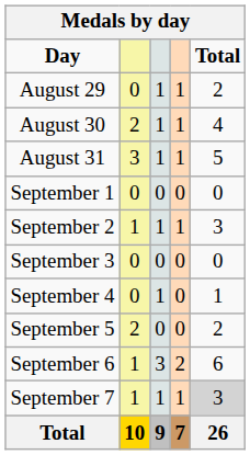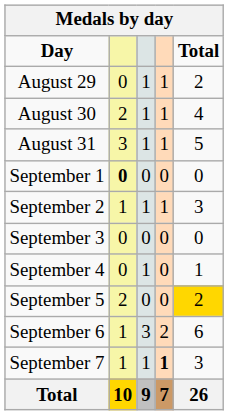 <table class="wikitable" style="font-size:85%; float:right">
 <tr align=center>
 <th colspan=7><strong>Medals by day</strong></th>
 </tr>
 <tr align=center>
 <td><strong>Day</strong></td>
 <td style="background:#f7f6a8;"></td>
 <td style="background:#dce5e5;"></td>
 <td style="background:#ffdab9;"></td>
 <td><strong>Total</strong></td>
 </tr>
 <tr align=center>
 <td>August 29</td>
 <td style="background:#f7f6a8;">0</td>
 <td style="background:#dce5e5;">1</td>
 <td style="background:#ffdab9;">1</td>
 <td>2</td>
 </tr>
 <tr align=center>
 <td>August 30</td>
 <td style="background:#f7f6a8;">2</td>
 <td style="background:#dce5e5;">1</td>
 <td style="background:#ffdab9;">1</td>
 <td>4</td>
 </tr>
 <tr align=center>
 <td>August 31</td>
 <td style="background:#f7f6a8;">3</td>
 <td style="background:#dce5e5;">1</td>
 <td style="background:#ffdab9;">1</td>
 <td>5</td>
 </tr>
 <tr align=center>
 <td>September 1</td>
-<td style="background:#f7f6a8;">0</td>
+<td style="background:#f7f6a8;"><strong>0</strong></td>
 <td style="background:#dce5e5;">0</td>
 <td style="background:#ffdab9;">0</td>
 <td>0</td>
 </tr>
 <tr align=center>
 <td>September 2</td>
 <td style="background:#f7f6a8;">1</td>
 <td style="background:#dce5e5;">1</td>
 <td style="background:#ffdab9;">1</td>
 <td>3</td>
 </tr>
 <tr align=center>
 <td>September 3</td>
 <td style="background:#f7f6a8;">0</td>
 <td style="background:#dce5e5;">0</td>
 <td style="background:#ffdab9;">0</td>
 <td>0</td>
 </tr>
 <tr align=center>
 <td>September 4</td>
 <td style="background:#f7f6a8;">0</td>
 <td style="background:#dce5e5;">1</td>
 <td style="background:#ffdab9;">0</td>
 <td>1</td>
 </tr>
 <tr align=center>
 <td>September 5</td>
 <td style="background:#f7f6a8;">2</td>
 <td style="background:#dce5e5;">0</td>
 <td style="background:#ffdab9;">0</td>
-<td>2</td>
+<td style="background: gold;">2</td>
 </tr>
 <tr align=center>
 <td>September 6</td>
 <td style="background:#f7f6a8;">1</td>
 <td style="background:#dce5e5;">3</td>
 <td style="background:#ffdab9;">2</td>
 <td>6</td>
 </tr>
 <tr align=center>
 <td>September 7</td>
 <td style="background:#f7f6a8;">1</td>
 <td style="background:#dce5e5;">1</td>
-<td style="background:#ffdab9;">1</td>
-<td style="background: lightgrey;">3</td>
+<td style="background:#ffdab9;"><strong>1</strong></td>
+<td>3</td>
 </tr>
 <tr align=center>
 <th><strong>Total</strong></th>
 <th style="background:gold;"><strong>10</strong></th>
 <th style="background:silver;"><strong>9</strong></th>
 <th style="background:#c96;"><strong>7</strong></th>
 <th><strong>26</strong></th>
 </tr>
 </table>
